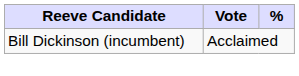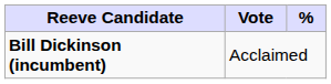 <table class="wikitable">
 <tr>
 <th style="background:#ddf; width:200px;">Reeve Candidate</th>
 <th style="background:#ddf; width:50px;">Vote</th>
 <th style="background:#ddf; width:30px;">%</th>
 </tr>
 <tr>
-<td>Bill Dickinson (incumbent)</td>
+<td><strong>Bill Dickinson (incumbent)</strong></td>
 <td colspan="2">Acclaimed</td>
 </tr>
 </table>
